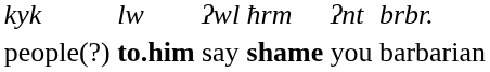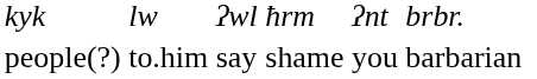 <table>
 <tr>
 <td><em>kyk</em></td>
 <td><em>lw</em></td>
 <td><em>ʔwl</em></td>
 <td><em>ħrm</em></td>
 <td><em>ʔnt</em></td>
 <td><em>brbr.</em></td>
 </tr>
 <tr>
 <td>people(?)</td>
-<td><strong>to.him</strong></td>
+<td>to.him</td>
 <td>say</td>
-<td><strong>shame</strong></td>
+<td>shame</td>
 <td>you</td>
 <td>barbarian</td>
 </tr>
 </table>
